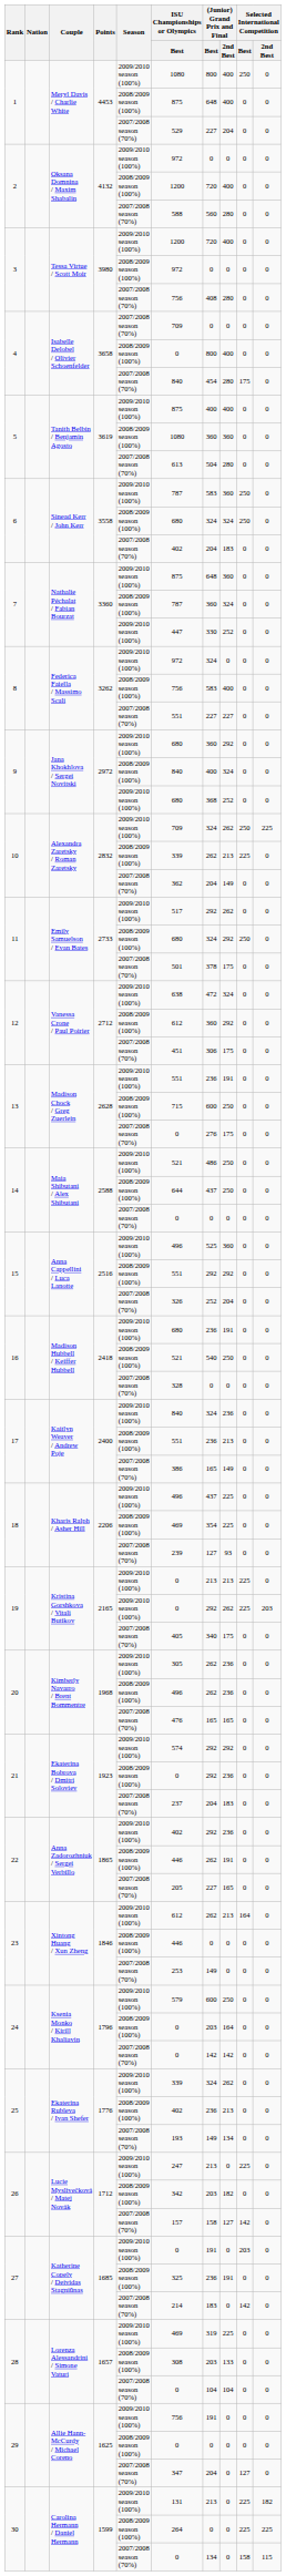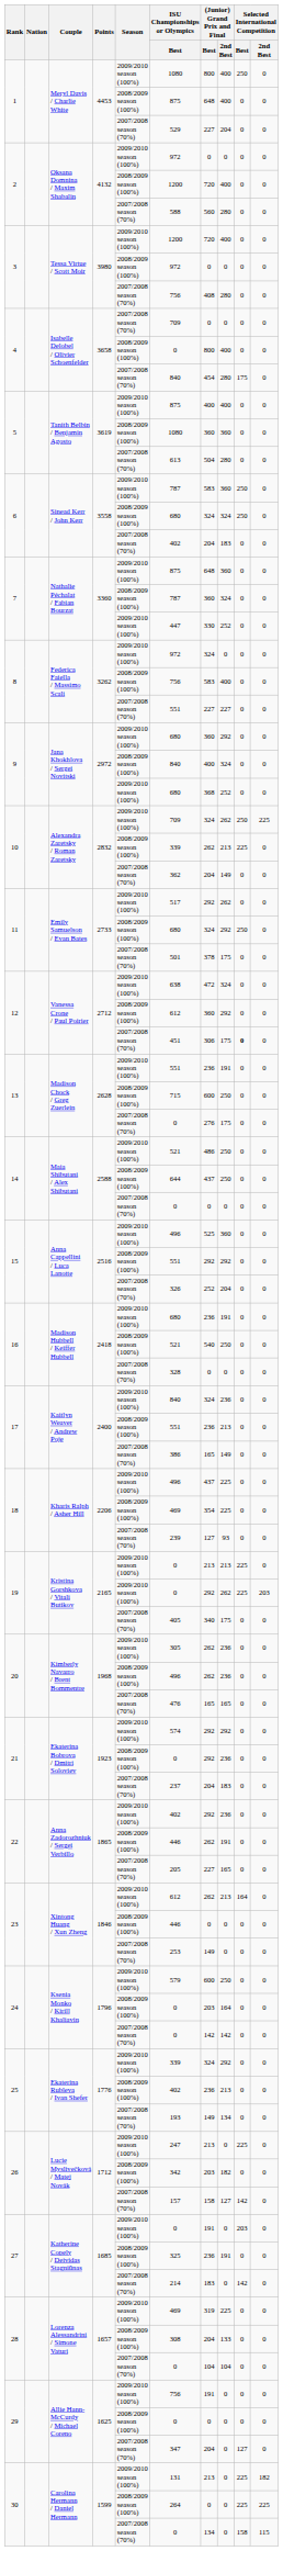 <table class="wikitable sortable" style="text-align: center;">
 <tr>
 <th rowspan="2">Rank</th>
 <th rowspan="2">Nation</th>
 <th rowspan="2">Couple</th>
 <th rowspan="2">Points</th>
 <th rowspan="2">Season</th>
 <th>ISU <br> Championships <br> or Olympics</th>
 <th colspan="2">(Junior) Grand <br> Prix and Final</th>
 <th colspan="2">Selected <br> International <br> Competition</th>
 </tr>
 <tr>
 <th>Best</th>
 <th>Best</th>
 <th>2nd Best</th>
 <th>Best</th>
 <th>2nd Best</th>
 </tr>
 <tr>
 <td rowspan="3">1</td>
 <td rowspan="3" style="text-align: left;"></td>
 <td rowspan="3" style="text-align: left;"><a href='#'>Meryl Davis</a> <br>/ <a href='#'>Charlie White</a></td>
 <td rowspan="3">4453</td>
 <td style="text-align: left;">2009/2010 season (100%)</td>
 <td>1080</td>
 <td>800</td>
 <td>400</td>
 <td>250</td>
 <td>0</td>
 </tr>
 <tr>
 <td style="text-align: left;">2008/2009 season (100%)</td>
 <td>875</td>
 <td>648</td>
 <td>400</td>
 <td>0</td>
 <td>0</td>
 </tr>
 <tr>
 <td style="text-align: left;">2007/2008 season (70%)</td>
 <td>529</td>
 <td>227</td>
 <td>204</td>
 <td>0</td>
 <td>0</td>
 </tr>
 <tr>
 <td rowspan="3">2</td>
 <td rowspan="3" style="text-align: left;"></td>
 <td rowspan="3" style="text-align: left;"><a href='#'>Oksana Domnina</a> <br>/ <a href='#'>Maxim Shabalin</a></td>
 <td rowspan="3">4132</td>
 <td style="text-align: left;">2009/2010 season (100%)</td>
 <td>972</td>
 <td>0</td>
 <td>0</td>
 <td>0</td>
 <td>0</td>
 </tr>
 <tr>
 <td style="text-align: left;">2008/2009 season (100%)</td>
 <td>1200</td>
 <td>720</td>
 <td>400</td>
 <td>0</td>
 <td>0</td>
 </tr>
 <tr>
 <td style="text-align: left;">2007/2008 season (70%)</td>
 <td>588</td>
 <td>560</td>
 <td>280</td>
 <td>0</td>
 <td>0</td>
 </tr>
 <tr>
 <td rowspan="3">3</td>
 <td rowspan="3" style="text-align: left;"></td>
 <td rowspan="3" style="text-align: left;"><a href='#'>Tessa Virtue</a> <br>/ <a href='#'>Scott Moir</a></td>
 <td rowspan="3">3980</td>
 <td style="text-align: left;">2009/2010 season (100%)</td>
 <td>1200</td>
 <td>720</td>
 <td>400</td>
 <td>0</td>
 <td>0</td>
 </tr>
 <tr>
 <td style="text-align: left;">2008/2009 season (100%)</td>
 <td>972</td>
 <td>0</td>
 <td>0</td>
 <td>0</td>
 <td>0</td>
 </tr>
 <tr>
 <td style="text-align: left;">2007/2008 season (70%)</td>
 <td>756</td>
 <td>408</td>
 <td>280</td>
 <td>0</td>
 <td>0</td>
 </tr>
 <tr>
 <td rowspan="3">4</td>
 <td rowspan="3" style="text-align: left;"></td>
 <td rowspan="3" style="text-align: left;"><a href='#'>Isabelle Delobel</a> <br>/ <a href='#'>Olivier Schoenfelder</a></td>
 <td rowspan="3">3658</td>
 <td style="text-align: left;">2007/2008 season (70%)</td>
 <td>709</td>
 <td>0</td>
 <td>0</td>
 <td>0</td>
 <td>0</td>
 </tr>
 <tr>
 <td style="text-align: left;">2008/2009 season (100%)</td>
 <td>0</td>
 <td>800</td>
 <td>400</td>
 <td>0</td>
 <td>0</td>
 </tr>
 <tr>
 <td style="text-align: left;">2007/2008 season (70%)</td>
 <td>840</td>
 <td>454</td>
 <td>280</td>
 <td>175</td>
 <td>0</td>
 </tr>
 <tr>
 <td rowspan="3">5</td>
 <td rowspan="3" style="text-align: left;"></td>
 <td rowspan="3" style="text-align: left;"><a href='#'>Tanith Belbin</a> <br>/ <a href='#'>Benjamin Agosto</a></td>
 <td rowspan="3">3619</td>
 <td style="text-align: left;">2009/2010 season (100%)</td>
 <td>875</td>
 <td>400</td>
 <td>400</td>
 <td>0</td>
 <td>0</td>
 </tr>
 <tr>
 <td style="text-align: left;">2008/2009 season (100%)</td>
 <td>1080</td>
 <td>360</td>
 <td>360</td>
 <td>0</td>
 <td>0</td>
 </tr>
 <tr>
 <td style="text-align: left;">2007/2008 season (70%)</td>
 <td>613</td>
 <td>504</td>
 <td>280</td>
 <td>0</td>
 <td>0</td>
 </tr>
 <tr>
 <td rowspan="3">6</td>
 <td rowspan="3" style="text-align: left;"></td>
 <td rowspan="3" style="text-align: left;"><a href='#'>Sinead Kerr</a> <br>/ <a href='#'>John Kerr</a></td>
 <td rowspan="3">3558</td>
 <td style="text-align: left;">2009/2010 season (100%)</td>
 <td>787</td>
 <td>583</td>
 <td>360</td>
 <td>250</td>
 <td>0</td>
 </tr>
 <tr>
 <td style="text-align: left;">2008/2009 season (100%)</td>
 <td>680</td>
 <td>324</td>
 <td>324</td>
 <td>250</td>
 <td>0</td>
 </tr>
 <tr>
 <td style="text-align: left;">2007/2008 season (70%)</td>
 <td>402</td>
 <td>204</td>
 <td>183</td>
 <td>0</td>
 <td>0</td>
 </tr>
 <tr>
 <td rowspan="3">7</td>
 <td rowspan="3" style="text-align: left;"></td>
 <td rowspan="3" style="text-align: left;"><a href='#'>Nathalie Péchalat</a> <br>/ <a href='#'>Fabian Bourzat</a></td>
 <td rowspan="3">3360</td>
 <td style="text-align: left;">2009/2010 season (100%)</td>
 <td>875</td>
 <td>648</td>
 <td>360</td>
 <td>0</td>
 <td>0</td>
 </tr>
 <tr>
 <td style="text-align: left;">2008/2009 season (100%)</td>
 <td>787</td>
 <td>360</td>
 <td>324</td>
 <td>0</td>
 <td>0</td>
 </tr>
 <tr>
 <td style="text-align: left;">2009/2010 season (100%)</td>
 <td>447</td>
 <td>330</td>
 <td>252</td>
 <td>0</td>
 <td>0</td>
 </tr>
 <tr>
 <td rowspan="3">8</td>
 <td rowspan="3" style="text-align: left;"></td>
 <td rowspan="3" style="text-align: left;"><a href='#'>Federica Faiella</a> <br>/ <a href='#'>Massimo Scali</a></td>
 <td rowspan="3">3262</td>
 <td style="text-align: left;">2009/2010 season (100%)</td>
 <td>972</td>
 <td>324</td>
 <td>0</td>
 <td>0</td>
 <td>0</td>
 </tr>
 <tr>
 <td style="text-align: left;">2008/2009 season (100%)</td>
 <td>756</td>
 <td>583</td>
 <td>400</td>
 <td>0</td>
 <td>0</td>
 </tr>
 <tr>
 <td style="text-align: left;">2007/2008 season (70%)</td>
 <td>551</td>
 <td>227</td>
 <td>227</td>
 <td>0</td>
 <td>0</td>
 </tr>
 <tr>
 <td rowspan="3">9</td>
 <td rowspan="3" style="text-align: left;"></td>
 <td rowspan="3" style="text-align: left;"><a href='#'>Jana Khokhlova</a> <br>/ <a href='#'>Sergei Novitski</a></td>
 <td rowspan="3">2972</td>
 <td style="text-align: left;">2009/2010 season (100%)</td>
 <td>680</td>
 <td>360</td>
 <td>292</td>
 <td>0</td>
 <td>0</td>
 </tr>
 <tr>
 <td style="text-align: left;">2008/2009 season (100%)</td>
 <td>840</td>
 <td>400</td>
 <td>324</td>
 <td>0</td>
 <td>0</td>
 </tr>
 <tr>
 <td style="text-align: left;">2009/2010 season (100%)</td>
 <td>680</td>
 <td>368</td>
 <td>252</td>
 <td>0</td>
 <td>0</td>
 </tr>
 <tr>
 <td rowspan="3">10</td>
 <td rowspan="3" style="text-align: left;"></td>
 <td rowspan="3" style="text-align: left;"><a href='#'>Alexandra Zaretsky</a> <br>/ <a href='#'>Roman Zaretsky</a></td>
 <td rowspan="3">2832</td>
 <td style="text-align: left;">2009/2010 season (100%)</td>
 <td>709</td>
 <td>324</td>
 <td>262</td>
 <td>250</td>
 <td>225</td>
 </tr>
 <tr>
 <td style="text-align: left;">2008/2009 season (100%)</td>
 <td>339</td>
 <td>262</td>
 <td>213</td>
 <td>225</td>
 <td>0</td>
 </tr>
 <tr>
 <td style="text-align: left;">2007/2008 season (70%)</td>
 <td>362</td>
 <td>204</td>
 <td>149</td>
 <td>0</td>
 <td>0</td>
 </tr>
 <tr>
 <td rowspan="3">11</td>
 <td rowspan="3" style="text-align: left;"></td>
 <td rowspan="3" style="text-align: left;"><a href='#'>Emily Samuelson</a> <br>/ <a href='#'>Evan Bates</a></td>
 <td rowspan="3">2733</td>
 <td style="text-align: left;">2009/2010 season (100%)</td>
 <td>517</td>
 <td>292</td>
 <td>262</td>
 <td>0</td>
 <td>0</td>
 </tr>
 <tr>
 <td style="text-align: left;">2008/2009 season (100%)</td>
 <td>680</td>
 <td>324</td>
 <td>292</td>
 <td>250</td>
 <td>0</td>
 </tr>
 <tr>
 <td style="text-align: left;">2007/2008 season (70%)</td>
 <td>501</td>
 <td>378</td>
 <td>175</td>
 <td>0</td>
 <td>0</td>
 </tr>
 <tr>
 <td rowspan="3">12</td>
 <td rowspan="3" style="text-align: left;"></td>
 <td rowspan="3" style="text-align: left;"><a href='#'>Vanessa Crone</a> <br>/ <a href='#'>Paul Poirier</a></td>
 <td rowspan="3">2712</td>
 <td style="text-align: left;">2009/2010 season (100%)</td>
 <td>638</td>
 <td>472</td>
 <td>324</td>
 <td>0</td>
 <td>0</td>
 </tr>
 <tr>
 <td style="text-align: left;">2008/2009 season (100%)</td>
 <td>612</td>
 <td>360</td>
 <td>292</td>
 <td>0</td>
 <td>0</td>
 </tr>
 <tr>
 <td style="text-align: left;">2007/2008 season (70%)</td>
 <td>451</td>
 <td>306</td>
 <td>175</td>
-<td>0</td>
+<td><strong>0</strong></td>
 <td>0</td>
 </tr>
 <tr>
 <td rowspan="3">13</td>
 <td rowspan="3" style="text-align: left;"></td>
 <td rowspan="3" style="text-align: left;"><a href='#'>Madison Chock</a> <br>/ <a href='#'>Greg Zuerlein</a></td>
 <td rowspan="3">2628</td>
 <td style="text-align: left;">2009/2010 season (100%)</td>
 <td>551</td>
 <td>236</td>
 <td>191</td>
 <td>0</td>
 <td>0</td>
 </tr>
 <tr>
 <td style="text-align: left;">2008/2009 season (100%)</td>
 <td>715</td>
 <td>600</td>
 <td>250</td>
 <td>0</td>
 <td>0</td>
 </tr>
 <tr>
 <td style="text-align: left;">2007/2008 season (70%)</td>
 <td>0</td>
 <td>276</td>
 <td>175</td>
 <td>0</td>
 <td>0</td>
 </tr>
 <tr>
 <td rowspan="3">14</td>
 <td rowspan="3" style="text-align: left;"></td>
 <td rowspan="3" style="text-align: left;"><a href='#'>Maia Shibutani</a> <br>/ <a href='#'>Alex Shibutani</a></td>
 <td rowspan="3">2588</td>
 <td style="text-align: left;">2009/2010 season (100%)</td>
 <td>521</td>
 <td>486</td>
 <td>250</td>
 <td>0</td>
 <td>0</td>
 </tr>
 <tr>
 <td style="text-align: left;">2008/2009 season (100%)</td>
 <td>644</td>
 <td>437</td>
 <td>250</td>
 <td>0</td>
 <td>0</td>
 </tr>
 <tr>
 <td style="text-align: left;">2007/2008 season (70%)</td>
 <td>0</td>
 <td>0</td>
 <td>0</td>
 <td>0</td>
 <td>0</td>
 </tr>
 <tr>
 <td rowspan="3">15</td>
 <td rowspan="3" style="text-align: left;"></td>
 <td rowspan="3" style="text-align: left;"><a href='#'>Anna Cappellini</a> <br>/ <a href='#'>Luca Lanotte</a></td>
 <td rowspan="3">2516</td>
 <td style="text-align: left;">2009/2010 season (100%)</td>
 <td>496</td>
 <td>525</td>
 <td>360</td>
 <td>0</td>
 <td>0</td>
 </tr>
 <tr>
 <td style="text-align: left;">2008/2009 season (100%)</td>
 <td>551</td>
 <td>292</td>
 <td>292</td>
 <td>0</td>
 <td>0</td>
 </tr>
 <tr>
 <td style="text-align: left;">2007/2008 season (70%)</td>
 <td>326</td>
 <td>252</td>
 <td>204</td>
 <td>0</td>
 <td>0</td>
 </tr>
 <tr>
 <td rowspan="3">16</td>
 <td rowspan="3" style="text-align: left;"></td>
 <td rowspan="3" style="text-align: left;"><a href='#'>Madison Hubbell</a> <br>/ <a href='#'>Keiffer Hubbell</a></td>
 <td rowspan="3">2418</td>
 <td style="text-align: left;">2009/2010 season (100%)</td>
 <td>680</td>
 <td>236</td>
 <td>191</td>
 <td>0</td>
 <td>0</td>
 </tr>
 <tr>
 <td style="text-align: left;">2008/2009 season (100%)</td>
 <td>521</td>
 <td>540</td>
 <td>250</td>
 <td>0</td>
 <td>0</td>
 </tr>
 <tr>
 <td style="text-align: left;">2007/2008 season (70%)</td>
 <td>328</td>
 <td>0</td>
 <td>0</td>
 <td>0</td>
 <td>0</td>
 </tr>
 <tr>
 <td rowspan="3">17</td>
 <td rowspan="3" style="text-align: left;"></td>
 <td rowspan="3" style="text-align: left;"><a href='#'>Kaitlyn Weaver</a> <br>/ <a href='#'>Andrew Poje</a></td>
 <td rowspan="3">2400</td>
 <td style="text-align: left;">2009/2010 season (100%)</td>
 <td>840</td>
 <td>324</td>
 <td>236</td>
 <td>0</td>
 <td>0</td>
 </tr>
 <tr>
 <td style="text-align: left;">2008/2009 season (100%)</td>
 <td>551</td>
 <td>236</td>
 <td>213</td>
 <td>0</td>
 <td>0</td>
 </tr>
 <tr>
 <td style="text-align: left;">2007/2008 season (70%)</td>
 <td>386</td>
 <td>165</td>
 <td>149</td>
 <td>0</td>
 <td>0</td>
 </tr>
 <tr>
 <td rowspan="3">18</td>
 <td rowspan="3" style="text-align: left;"></td>
 <td rowspan="3" style="text-align: left;"><a href='#'>Kharis Ralph</a> <br>/ <a href='#'>Asher Hill</a></td>
 <td rowspan="3">2206</td>
 <td style="text-align: left;">2009/2010 season (100%)</td>
 <td>496</td>
 <td>437</td>
 <td>225</td>
 <td>0</td>
 <td>0</td>
 </tr>
 <tr>
 <td style="text-align: left;">2008/2009 season (100%)</td>
 <td>469</td>
 <td>354</td>
 <td>225</td>
 <td>0</td>
 <td>0</td>
 </tr>
 <tr>
 <td style="text-align: left;">2007/2008 season (70%)</td>
 <td>239</td>
 <td>127</td>
 <td>93</td>
 <td>0</td>
 <td>0</td>
 </tr>
 <tr>
 <td rowspan="3">19</td>
 <td rowspan="3" style="text-align: left;"></td>
 <td rowspan="3" style="text-align: left;"><a href='#'>Kristina Gorshkova</a> <br>/ <a href='#'>Vitali Butikov</a></td>
 <td rowspan="3">2165</td>
 <td style="text-align: left;">2009/2010 season (100%)</td>
 <td>0</td>
 <td>213</td>
 <td>213</td>
 <td>225</td>
 <td>0</td>
 </tr>
 <tr>
 <td style="text-align: left;">2009/2010 season (100%)</td>
 <td>0</td>
 <td>292</td>
 <td>262</td>
 <td>225</td>
 <td>203</td>
 </tr>
 <tr>
 <td style="text-align: left;">2007/2008 season (70%)</td>
 <td>405</td>
 <td>340</td>
 <td>175</td>
 <td>0</td>
 <td>0</td>
 </tr>
 <tr>
 <td rowspan="3">20</td>
 <td rowspan="3" style="text-align: left;"></td>
 <td rowspan="3" style="text-align: left;"><a href='#'>Kimberly Navarro</a> <br>/ <a href='#'>Brent Bommentre</a></td>
 <td rowspan="3">1968</td>
 <td style="text-align: left;">2009/2010 season (100%)</td>
 <td>305</td>
 <td>262</td>
 <td>236</td>
 <td>0</td>
 <td>0</td>
 </tr>
 <tr>
 <td style="text-align: left;">2008/2009 season (100%)</td>
 <td>496</td>
 <td>262</td>
 <td>236</td>
 <td>0</td>
 <td>0</td>
 </tr>
 <tr>
 <td style="text-align: left;">2007/2008 season (70%)</td>
 <td>476</td>
 <td>165</td>
 <td>165</td>
 <td>0</td>
 <td>0</td>
 </tr>
 <tr>
 <td rowspan="3">21</td>
 <td rowspan="3" style="text-align: left;"></td>
 <td rowspan="3" style="text-align: left;"><a href='#'>Ekaterina Bobrova</a> <br>/ <a href='#'>Dmitri Soloviev</a></td>
 <td rowspan="3">1923</td>
 <td style="text-align: left;">2009/2010 season (100%)</td>
 <td>574</td>
 <td>292</td>
 <td>292</td>
 <td>0</td>
 <td>0</td>
 </tr>
 <tr>
 <td style="text-align: left;">2008/2009 season (100%)</td>
 <td>0</td>
 <td>292</td>
 <td>236</td>
 <td>0</td>
 <td>0</td>
 </tr>
 <tr>
 <td style="text-align: left;">2007/2008 season (70%)</td>
 <td>237</td>
 <td>204</td>
 <td>183</td>
 <td>0</td>
 <td>0</td>
 </tr>
 <tr>
 <td rowspan="3">22</td>
 <td rowspan="3" style="text-align: left;"></td>
 <td rowspan="3" style="text-align: left;"><a href='#'>Anna Zadorozhniuk</a> <br>/ <a href='#'>Sergei Verbillo</a></td>
 <td rowspan="3">1865</td>
 <td style="text-align: left;">2009/2010 season (100%)</td>
 <td>402</td>
 <td>292</td>
 <td>236</td>
 <td>0</td>
 <td>0</td>
 </tr>
 <tr>
 <td style="text-align: left;">2008/2009 season (100%)</td>
 <td>446</td>
 <td>262</td>
 <td>191</td>
 <td>0</td>
 <td>0</td>
 </tr>
 <tr>
 <td style="text-align: left;">2007/2008 season (70%)</td>
 <td>205</td>
 <td>227</td>
 <td>165</td>
 <td>0</td>
 <td>0</td>
 </tr>
 <tr>
 <td rowspan="3">23</td>
 <td rowspan="3" style="text-align: left;"></td>
 <td rowspan="3" style="text-align: left;"><a href='#'>Xintong Huang</a> <br>/ <a href='#'>Xun Zheng</a></td>
 <td rowspan="3">1846</td>
 <td style="text-align: left;">2009/2010 season (100%)</td>
 <td>612</td>
 <td>262</td>
 <td>213</td>
 <td>164</td>
 <td>0</td>
 </tr>
 <tr>
 <td style="text-align: left;">2008/2009 season (100%)</td>
 <td>446</td>
 <td>0</td>
 <td>0</td>
 <td>0</td>
 <td>0</td>
 </tr>
 <tr>
 <td style="text-align: left;">2007/2008 season (70%)</td>
 <td>253</td>
 <td>149</td>
 <td>0</td>
 <td>0</td>
 <td>0</td>
 </tr>
 <tr>
 <td rowspan="3">24</td>
 <td rowspan="3" style="text-align: left;"></td>
 <td rowspan="3" style="text-align: left;"><a href='#'>Ksenia Monko</a> <br>/ <a href='#'>Kirill Khaliavin</a></td>
 <td rowspan="3">1796</td>
 <td style="text-align: left;">2009/2010 season (100%)</td>
 <td>579</td>
 <td>600</td>
 <td>250</td>
 <td>0</td>
 <td>0</td>
 </tr>
 <tr>
 <td style="text-align: left;">2008/2009 season (100%)</td>
 <td>0</td>
 <td>203</td>
 <td>164</td>
 <td>0</td>
 <td>0</td>
 </tr>
 <tr>
 <td style="text-align: left;">2007/2008 season (70%)</td>
 <td>0</td>
 <td>142</td>
 <td>142</td>
 <td>0</td>
 <td>0</td>
 </tr>
 <tr>
 <td rowspan="3">25</td>
 <td rowspan="3" style="text-align: left;"></td>
 <td rowspan="3" style="text-align: left;"><a href='#'>Ekaterina Rubleva</a> <br>/ <a href='#'>Ivan Shefer</a></td>
 <td rowspan="3">1776</td>
 <td style="text-align: left;">2009/2010 season (100%)</td>
 <td>339</td>
 <td>324</td>
-<td>262</td>
+<td>292</td>
 <td>0</td>
 <td>0</td>
 </tr>
 <tr>
 <td style="text-align: left;">2008/2009 season (100%)</td>
 <td>402</td>
 <td>236</td>
 <td>213</td>
 <td>0</td>
 <td>0</td>
 </tr>
 <tr>
 <td style="text-align: left;">2007/2008 season (70%)</td>
 <td>193</td>
 <td>149</td>
 <td>134</td>
 <td>0</td>
 <td>0</td>
 </tr>
 <tr>
 <td rowspan="3">26</td>
 <td rowspan="3" style="text-align: left;"></td>
 <td rowspan="3" style="text-align: left;"><a href='#'>Lucie Myslivečková</a> <br>/ <a href='#'>Matej Novák</a></td>
 <td rowspan="3">1712</td>
 <td style="text-align: left;">2009/2010 season (100%)</td>
 <td>247</td>
 <td>213</td>
 <td>0</td>
 <td>225</td>
 <td>0</td>
 </tr>
 <tr>
 <td style="text-align: left;">2008/2009 season (100%)</td>
 <td>342</td>
 <td>203</td>
 <td>182</td>
 <td>0</td>
 <td>0</td>
 </tr>
 <tr>
 <td style="text-align: left;">2007/2008 season (70%)</td>
 <td>157</td>
 <td>158</td>
 <td>127</td>
 <td>142</td>
 <td>0</td>
 </tr>
 <tr>
 <td rowspan="3">27</td>
 <td rowspan="3" style="text-align: left;"></td>
 <td rowspan="3" style="text-align: left;"><a href='#'>Katherine Copely</a> <br>/ <a href='#'>Deividas Stagniūnas</a></td>
 <td rowspan="3">1685</td>
 <td style="text-align: left;">2009/2010 season (100%)</td>
 <td>0</td>
 <td>191</td>
 <td>0</td>
 <td>203</td>
 <td>0</td>
 </tr>
 <tr>
 <td style="text-align: left;">2008/2009 season (100%)</td>
 <td>325</td>
 <td>236</td>
 <td>191</td>
 <td>0</td>
 <td>0</td>
 </tr>
 <tr>
 <td style="text-align: left;">2007/2008 season (70%)</td>
 <td>214</td>
 <td>183</td>
 <td>0</td>
 <td>142</td>
 <td>0</td>
 </tr>
 <tr>
 <td rowspan="3">28</td>
 <td rowspan="3" style="text-align: left;"></td>
 <td rowspan="3" style="text-align: left;"><a href='#'>Lorenza Alessandrini</a> <br>/ <a href='#'>Simone Vaturi</a></td>
 <td rowspan="3">1657</td>
 <td style="text-align: left;">2009/2010 season (100%)</td>
 <td>469</td>
 <td>319</td>
 <td>225</td>
 <td>0</td>
 <td>0</td>
 </tr>
 <tr>
 <td style="text-align: left;">2008/2009 season (100%)</td>
 <td>308</td>
-<td>203</td>
+<td>204</td>
 <td>133</td>
 <td>0</td>
 <td>0</td>
 </tr>
 <tr>
 <td style="text-align: left;">2007/2008 season (70%)</td>
 <td>0</td>
 <td>104</td>
 <td>104</td>
 <td>0</td>
 <td>0</td>
 </tr>
 <tr>
 <td rowspan="3">29</td>
 <td rowspan="3" style="text-align: left;"></td>
 <td rowspan="3" style="text-align: left;"><a href='#'>Allie Hann-McCurdy</a> <br>/ <a href='#'>Michael Coreno</a></td>
 <td rowspan="3">1625</td>
 <td style="text-align: left;">2009/2010 season (100%)</td>
 <td>756</td>
 <td>191</td>
 <td>0</td>
 <td>0</td>
 <td>0</td>
 </tr>
 <tr>
 <td style="text-align: left;">2008/2009 season (100%)</td>
 <td>0</td>
 <td>0</td>
 <td>0</td>
 <td>0</td>
 <td>0</td>
 </tr>
 <tr>
 <td style="text-align: left;">2007/2008 season (70%)</td>
 <td>347</td>
 <td>204</td>
 <td>0</td>
 <td>127</td>
 <td>0</td>
 </tr>
 <tr>
 <td rowspan="3">30</td>
 <td rowspan="3" style="text-align: left;"></td>
 <td rowspan="3" style="text-align: left;"><a href='#'>Carolina Hermann</a> <br>/ <a href='#'>Daniel Hermann</a></td>
 <td rowspan="3">1599</td>
 <td style="text-align: left;">2009/2010 season (100%)</td>
 <td>131</td>
 <td>213</td>
 <td>0</td>
 <td>225</td>
 <td>182</td>
 </tr>
 <tr>
 <td style="text-align: left;">2008/2009 season (100%)</td>
 <td>264</td>
 <td>0</td>
 <td>0</td>
 <td>225</td>
 <td>225</td>
 </tr>
 <tr>
 <td style="text-align: left;">2007/2008 season (70%)</td>
 <td>0</td>
 <td>134</td>
 <td>0</td>
 <td>158</td>
 <td>115</td>
 </tr>
 </table>
